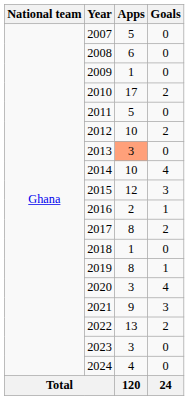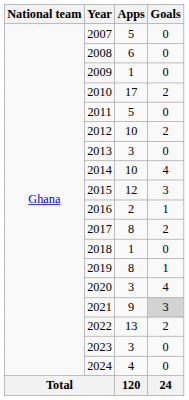 <table class="wikitable" style="text-align:center">
 <tr>
 <th>National team</th>
 <th>Year</th>
 <th>Apps</th>
 <th>Goals</th>
 </tr>
 <tr>
 <td rowspan="18"><a href='#'>Ghana</a></td>
 <td>2007</td>
 <td>5</td>
 <td>0</td>
 </tr>
 <tr>
 <td>2008</td>
 <td>6</td>
 <td>0</td>
 </tr>
 <tr>
 <td>2009</td>
 <td>1</td>
 <td>0</td>
 </tr>
 <tr>
 <td>2010</td>
 <td>17</td>
 <td>2</td>
 </tr>
 <tr>
 <td>2011</td>
 <td>5</td>
 <td>0</td>
 </tr>
 <tr>
 <td>2012</td>
 <td>10</td>
 <td>2</td>
 </tr>
 <tr>
 <td>2013</td>
-<td style="background: lightsalmon;">3</td>
+<td>3</td>
 <td>0</td>
 </tr>
 <tr>
 <td>2014</td>
 <td>10</td>
 <td>4</td>
 </tr>
 <tr>
 <td>2015</td>
 <td>12</td>
 <td>3</td>
 </tr>
 <tr>
 <td>2016</td>
 <td>2</td>
 <td>1</td>
 </tr>
 <tr>
 <td>2017</td>
 <td>8</td>
 <td>2</td>
 </tr>
 <tr>
 <td>2018</td>
 <td>1</td>
 <td>0</td>
 </tr>
 <tr>
 <td>2019</td>
 <td>8</td>
 <td>1</td>
 </tr>
 <tr>
 <td>2020</td>
 <td>3</td>
 <td>4</td>
 </tr>
 <tr>
 <td>2021</td>
 <td>9</td>
-<td>3</td>
+<td style="background: lightgrey;">3</td>
 </tr>
 <tr>
 <td>2022</td>
 <td>13</td>
 <td>2</td>
 </tr>
 <tr>
 <td>2023</td>
 <td>3</td>
 <td>0</td>
 </tr>
 <tr>
 <td>2024</td>
 <td>4</td>
 <td>0</td>
 </tr>
 <tr>
 <th colspan="2">Total</th>
 <th>120</th>
 <th>24</th>
 </tr>
 </table>
